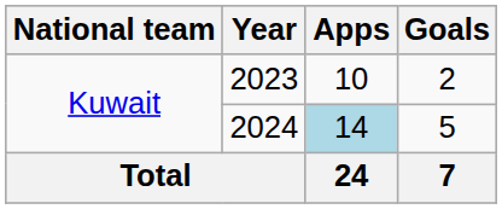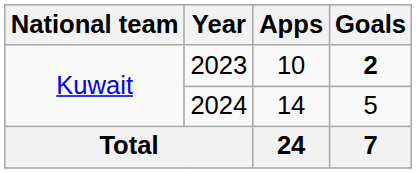 <table class="wikitable" style="text-align: center;">
 <tr>
 <th>National team</th>
 <th>Year</th>
 <th>Apps</th>
 <th>Goals</th>
 </tr>
 <tr>
 <td rowspan=2><a href='#'>Kuwait</a></td>
 <td>2023</td>
 <td>10</td>
-<td>2</td>
+<td><strong>2</strong></td>
 </tr>
 <tr>
 <td>2024</td>
-<td style="background: lightblue;">14</td>
+<td>14</td>
 <td>5</td>
 </tr>
 <tr>
 <th colspan=2>Total</th>
 <th>24</th>
 <th>7</th>
 </tr>
 </table>
